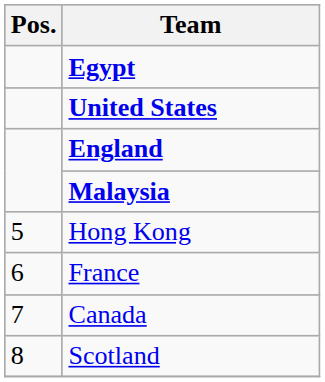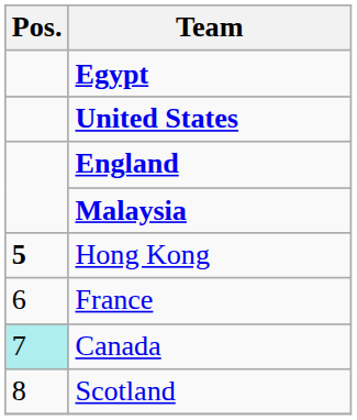 <table class="wikitable">
 <tr>
 <th>Pos.</th>
 <th width="150">Team</th>
 </tr>
 <tr>
 <td></td>
 <td> <strong><a href='#'>Egypt</a></strong></td>
 </tr>
 <tr>
 <td></td>
 <td> <strong><a href='#'>United States</a></strong></td>
 </tr>
 <tr>
 <td rowspan="2"></td>
 <td> <strong><a href='#'>England</a></strong></td>
 </tr>
 <tr>
 <td> <strong><a href='#'>Malaysia</a></strong></td>
 </tr>
 <tr>
-<td>5</td>
+<td><strong>5</strong></td>
 <td> <a href='#'>Hong Kong</a></td>
 </tr>
 <tr>
 <td>6</td>
 <td> <a href='#'>France</a></td>
 </tr>
 <tr>
-<td>7</td>
+<td style="background: paleturquoise;">7</td>
 <td> <a href='#'>Canada</a></td>
 </tr>
 <tr>
 <td>8</td>
 <td> <a href='#'>Scotland</a></td>
 </tr>
 <tr>
 </tr>
 </table>
